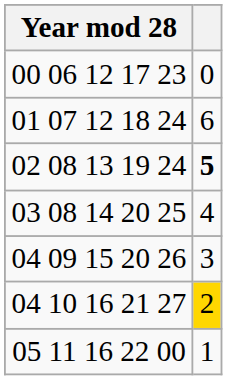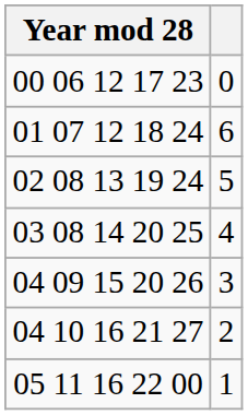 <table class="wikitable" style="text-align:center">
 <tr>
 <th>Year mod 28</th>
 <th></th>
 </tr>
 <tr>
 <td>00 06 <span>12</span> 17 23</td>
 <td>0</td>
 </tr>
 <tr>
 <td>01 07 12 18 <span>24</span></td>
 <td>6</td>
 </tr>
 <tr>
 <td>02 <span>08</span> 13 19 24</td>
-<td><strong>5</strong></td>
+<td>5</td>
 </tr>
 <tr>
 <td>03 08 14 <span>20</span> 25</td>
 <td>4</td>
 </tr>
 <tr>
 <td><span>04</span> 09 15 20 26</td>
 <td>3</td>
 </tr>
 <tr>
 <td>04 10 <span>16</span> 21 27</td>
-<td style="background: gold;">2</td>
+<td>2</td>
 </tr>
 <tr>
 <td>05 11 16 22 <span>00</span></td>
 <td>1</td>
 </tr>
 </table>
